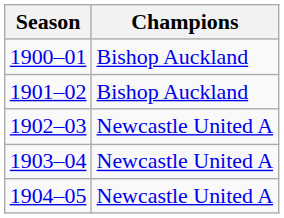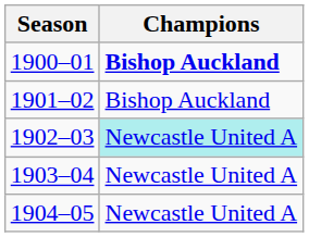 <table class="wikitable" style="text-align: left">
 <tr>
 <th>Season</th>
 <th>Champions</th>
 </tr>
 <tr>
 <td><a href='#'>1900–01</a></td>
-<td><a href='#'>Bishop Auckland</a></td>
+<td><strong><a href='#'>Bishop Auckland</a></strong></td>
 </tr>
 <tr>
 <td><a href='#'>1901–02</a></td>
 <td><a href='#'>Bishop Auckland</a></td>
 </tr>
 <tr>
 <td><a href='#'>1902–03</a></td>
-<td><a href='#'>Newcastle United A</a></td>
+<td style="background: paleturquoise;"><a href='#'>Newcastle United A</a></td>
 </tr>
 <tr>
 <td><a href='#'>1903–04</a></td>
 <td><a href='#'>Newcastle United A</a></td>
 </tr>
 <tr>
 <td><a href='#'>1904–05</a></td>
 <td><a href='#'>Newcastle United A</a></td>
 </tr>
 </table>
